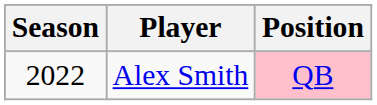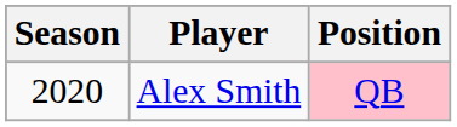 <table class="wikitable" style="text-align:center">
 <tr>
 <th>Season</th>
 <th>Player</th>
 <th>Position</th>
 </tr>
 <tr>
-<td>2022</td>
+<td>2020</td>
 <td><a href='#'>Alex Smith</a></td>
 <td style="background: pink;"><a href='#'>QB</a></td>
 </tr>
 </table>
